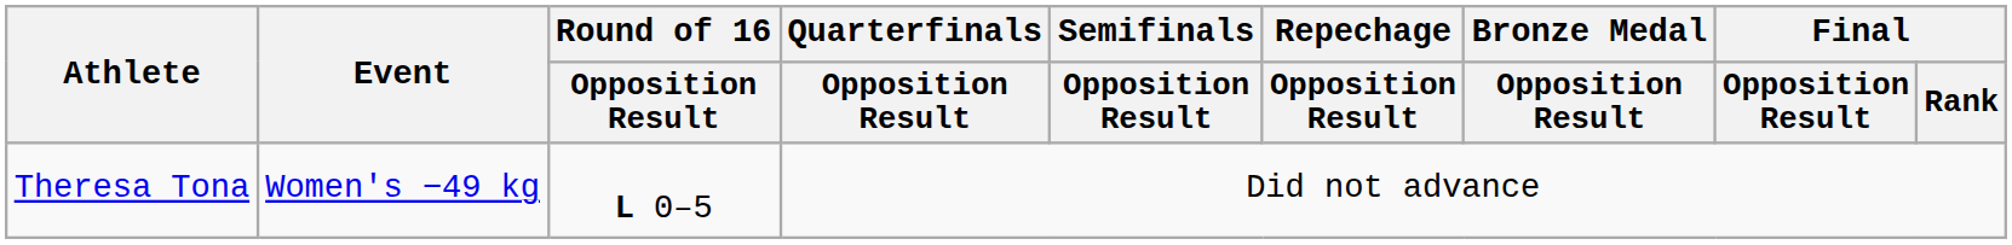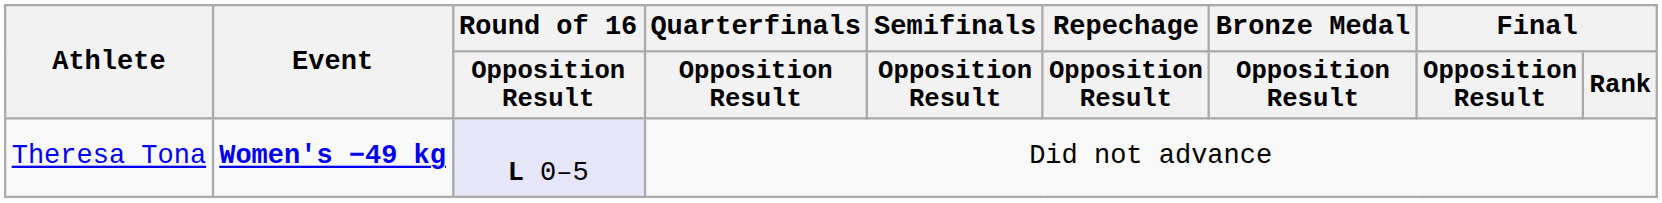 <table class="wikitable" style="font-size:90%">
 <tr>
 <th rowspan="2">Athlete</th>
 <th rowspan="2">Event</th>
 <th>Round of 16</th>
 <th>Quarterfinals</th>
 <th>Semifinals</th>
 <th>Repechage</th>
 <th>Bronze Medal</th>
 <th colspan=2>Final</th>
 </tr>
 <tr style="font-size:95%">
 <th>Opposition<br>Result</th>
 <th>Opposition<br>Result</th>
 <th>Opposition<br>Result</th>
 <th>Opposition<br>Result</th>
 <th>Opposition<br>Result</th>
 <th>Opposition<br>Result</th>
 <th>Rank</th>
 </tr>
 <tr align=center>
 <td align=left><a href='#'>Theresa Tona</a></td>
-<td align=left><a href='#'>Women's −49 kg</a></td>
-<td><br><strong>L</strong> 0–5</td>
+<td align=left><strong><a href='#'>Women's −49 kg</a></strong></td>
+<td style="background: lavender;"><br><strong>L</strong> 0–5</td>
 <td colspan=6>Did not advance</td>
 </tr>
 </table>
